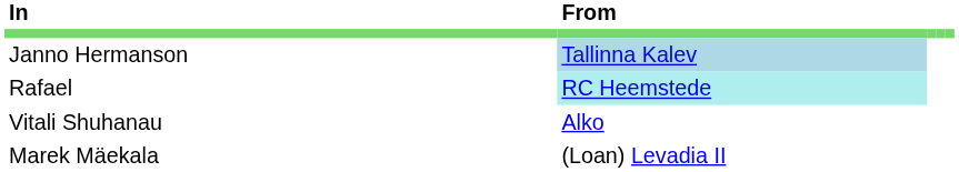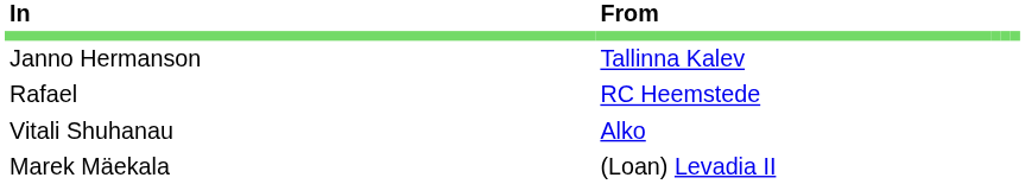 <table cellspacing="0" cellpadding="3" style="width:100%;font-size:90%">
 <tr>
 <td style="width:60%"><strong>In</strong></td>
 <td style="width:40%"><strong>From</strong></td>
 <td></td>
 </tr>
 <tr style="background-color:#73DA67;">
 <td></td>
 <td></td>
 <td></td>
 <td></td>
 <td></td>
 </tr>
 <tr>
 <td> Janno Hermanson</td>
-<td style="background: lightblue;"><a href='#'>Tallinna Kalev</a></td>
+<td><a href='#'>Tallinna Kalev</a></td>
 </tr>
 <tr>
 <td> Rafael</td>
-<td style="background: paleturquoise;"> <a href='#'>RC Heemstede</a></td>
+<td> <a href='#'>RC Heemstede</a></td>
 </tr>
 <tr>
 <td> Vitali Shuhanau</td>
 <td><a href='#'>Alko</a></td>
 </tr>
 <tr>
 <td> Marek Mäekala</td>
 <td>(Loan) <a href='#'>Levadia II</a></td>
 </tr>
 </table>
